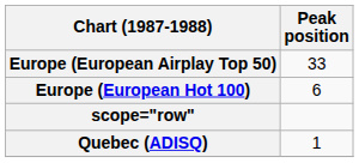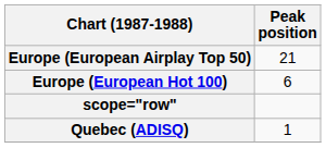 <table class="wikitable sortable plainrowheaders">
 <tr>
 <th>Chart (1987-1988)</th>
 <th>Peak<br>position</th>
 </tr>
 <tr>
 <th scope="row">Europe (European Airplay Top 50)</th>
-<td align="center">33</td>
+<td align="center">21</td>
 </tr>
 <tr>
 <th scope="row">Europe (<a href='#'>European Hot 100</a>)</th>
 <td align="center">6</td>
 </tr>
 <tr>
 <th>scope="row"</th>
 </tr>
 <tr>
 <th scope="row">Quebec (<a href='#'>ADISQ</a>)</th>
 <td align="center">1</td>
 </tr>
 <tr>
 </tr>
 </table>
